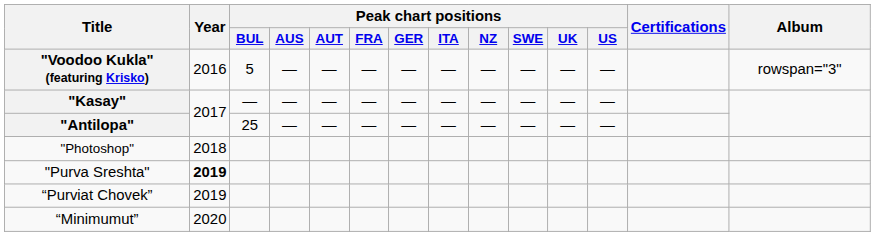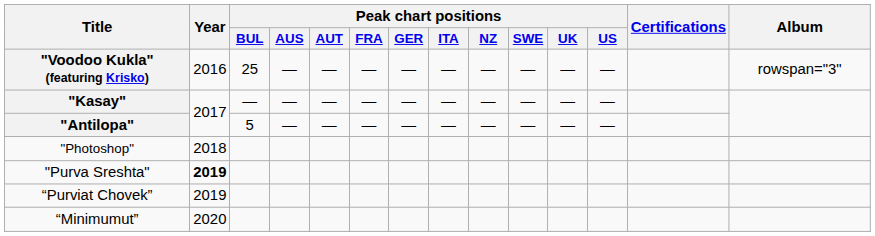 <table class="wikitable plainrowheaders" style="text-align:center;">
 <tr>
 <th rowspan="2" scope="col" style="width:12em;">Title</th>
 <th rowspan="2" scope="col">Year</th>
 <th colspan="10" scope="col">Peak chart positions</th>
 <th rowspan="2" scope="col"><a href='#'>Certifications</a></th>
 <th rowspan="2" scope="col" style="width:9em;">Album</th>
 </tr>
 <tr>
 <th scope="col" style="width:2.5em;font-size:90%;"><a href='#'>BUL</a></th>
 <th scope="col" style="width:2.5em;font-size:90%;"><a href='#'>AUS</a></th>
 <th scope="col" style="width:2.5em;font-size:90%;"><a href='#'>AUT</a></th>
 <th scope="col" style="width:2.5em;font-size:90%;"><a href='#'>FRA</a></th>
 <th scope="col" style="width:2.5em;font-size:90%;"><a href='#'>GER</a></th>
 <th scope="col" style="width:2.5em;font-size:90%;"><a href='#'>ITA</a></th>
 <th scope="col" style="width:2.5em;font-size:90%;"><a href='#'>NZ</a></th>
 <th scope="col" style="width:2.5em;font-size:90%;"><a href='#'>SWE</a></th>
 <th scope="col" style="width:2.5em;font-size:90%;"><a href='#'>UK</a></th>
 <th scope="col" style="width:2.5em;font-size:90%;"><a href='#'>US</a></th>
 </tr>
 <tr>
 <th scope="row">"Voodoo Kukla" <br><small>(featuring <a href='#'>Krisko</a>)</small></th>
 <td>2016</td>
-<td>5</td>
+<td>25</td>
 <td>—</td>
 <td>—</td>
 <td>—</td>
 <td>—</td>
 <td>—</td>
 <td>—</td>
 <td>—</td>
 <td>—</td>
 <td>—</td>
 <td></td>
 <td>rowspan="3" </td>
 </tr>
 <tr>
 <th scope="row">"Kasay"</th>
 <td rowspan="2">2017</td>
 <td>—</td>
 <td>—</td>
 <td>—</td>
 <td>—</td>
 <td>—</td>
 <td>—</td>
 <td>—</td>
 <td>—</td>
 <td>—</td>
 <td>—</td>
 <td></td>
 </tr>
 <tr>
 <th scope="row">"Antilopa"</th>
-<td>25</td>
+<td>5</td>
 <td>—</td>
 <td>—</td>
 <td>—</td>
 <td>—</td>
 <td>—</td>
 <td>—</td>
 <td>—</td>
 <td>—</td>
 <td>—</td>
 <td></td>
 </tr>
 <tr>
 <td style="font-size:90%">"Photoshop"</td>
 <td>2018</td>
 <td></td>
 <td></td>
 <td></td>
 <td></td>
 <td></td>
 <td></td>
 <td></td>
 <td></td>
 <td></td>
 <td></td>
 <td></td>
 <td></td>
 </tr>
 <tr>
 <td>"Purva Sreshta"</td>
 <td><strong>2019</strong></td>
 <td></td>
 <td></td>
 <td></td>
 <td></td>
 <td></td>
 <td></td>
 <td></td>
 <td></td>
 <td></td>
 <td></td>
 <td></td>
 <td></td>
 </tr>
 <tr>
 <td>“Purviat Chovek”</td>
 <td>2019</td>
 <td></td>
 <td></td>
 <td></td>
 <td></td>
 <td></td>
 <td></td>
 <td></td>
 <td></td>
 <td></td>
 <td></td>
 <td></td>
 <td></td>
 </tr>
 <tr>
 <td>“Minimumut”</td>
 <td>2020</td>
 <td></td>
 <td></td>
 <td></td>
 <td></td>
 <td></td>
 <td></td>
 <td></td>
 <td></td>
 <td></td>
 <td></td>
 <td></td>
 <td></td>
 </tr>
 </table>
